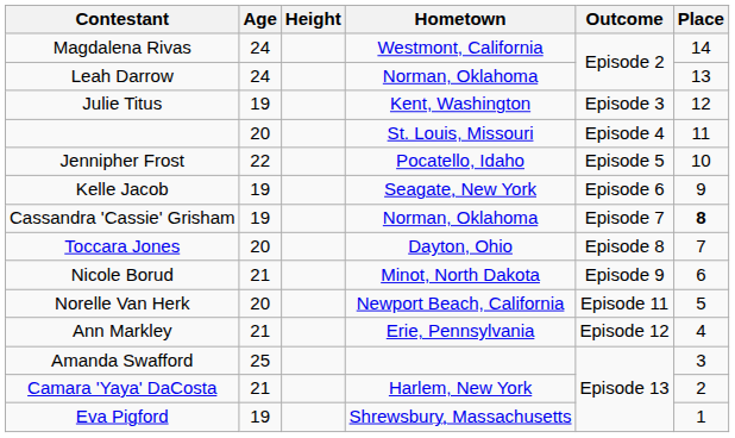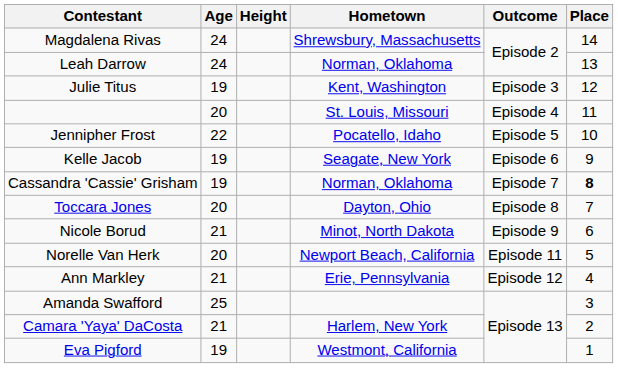 <table class="wikitable sortable" style="text-align:center;">
 <tr>
 <th>Contestant</th>
 <th>Age</th>
 <th>Height</th>
 <th>Hometown</th>
 <th>Outcome</th>
 <th>Place</th>
 </tr>
 <tr>
 <td>Magdalena Rivas</td>
 <td>24</td>
 <td></td>
-<td><a href='#'>Westmont, California</a></td>
+<td><a href='#'>Shrewsbury, Massachusetts</a></td>
 <td rowspan="2">Episode 2</td>
 <td>14</td>
 </tr>
 <tr>
 <td>Leah Darrow</td>
 <td>24</td>
 <td></td>
 <td><a href='#'>Norman, Oklahoma</a></td>
 <td>13</td>
 </tr>
 <tr>
 <td>Julie Titus</td>
 <td>19</td>
 <td></td>
 <td><a href='#'>Kent, Washington</a></td>
 <td>Episode 3</td>
 <td>12</td>
 </tr>
 <tr>
 <td></td>
 <td>20</td>
 <td></td>
 <td><a href='#'>St. Louis, Missouri</a></td>
 <td>Episode 4</td>
 <td>11</td>
 </tr>
 <tr>
 <td>Jennipher Frost</td>
 <td>22</td>
 <td></td>
 <td><a href='#'>Pocatello, Idaho</a></td>
 <td>Episode 5</td>
 <td>10</td>
 </tr>
 <tr>
 <td>Kelle Jacob</td>
 <td>19</td>
 <td></td>
 <td><a href='#'>Seagate, New York</a></td>
 <td>Episode 6</td>
 <td>9</td>
 </tr>
 <tr>
 <td>Cassandra 'Cassie' Grisham</td>
 <td>19</td>
 <td></td>
 <td><a href='#'>Norman, Oklahoma</a></td>
 <td>Episode 7</td>
 <td><strong>8</strong></td>
 </tr>
 <tr>
 <td><a href='#'>Toccara Jones</a></td>
 <td>20</td>
 <td></td>
 <td><a href='#'>Dayton, Ohio</a></td>
 <td>Episode 8</td>
 <td>7</td>
 </tr>
 <tr>
 <td>Nicole Borud</td>
 <td>21</td>
 <td></td>
 <td><a href='#'>Minot, North Dakota</a></td>
 <td>Episode 9</td>
 <td>6</td>
 </tr>
 <tr>
 <td>Norelle Van Herk</td>
 <td>20</td>
 <td></td>
 <td><a href='#'>Newport Beach, California</a></td>
 <td>Episode 11</td>
 <td>5</td>
 </tr>
 <tr>
 <td>Ann Markley</td>
 <td>21</td>
 <td></td>
 <td><a href='#'>Erie, Pennsylvania</a></td>
 <td>Episode 12</td>
 <td>4</td>
 </tr>
 <tr>
 <td>Amanda Swafford</td>
 <td>25</td>
 <td></td>
 <td></td>
 <td rowspan="3">Episode 13</td>
 <td>3</td>
 </tr>
 <tr>
 <td><a href='#'>Camara 'Yaya' DaCosta</a></td>
 <td>21</td>
 <td></td>
 <td><a href='#'>Harlem, New York</a></td>
 <td>2</td>
 </tr>
 <tr>
 <td><a href='#'>Eva Pigford</a></td>
 <td>19</td>
 <td></td>
-<td><a href='#'>Shrewsbury, Massachusetts</a></td>
+<td><a href='#'>Westmont, California</a></td>
 <td>1</td>
 </tr>
 </table>
